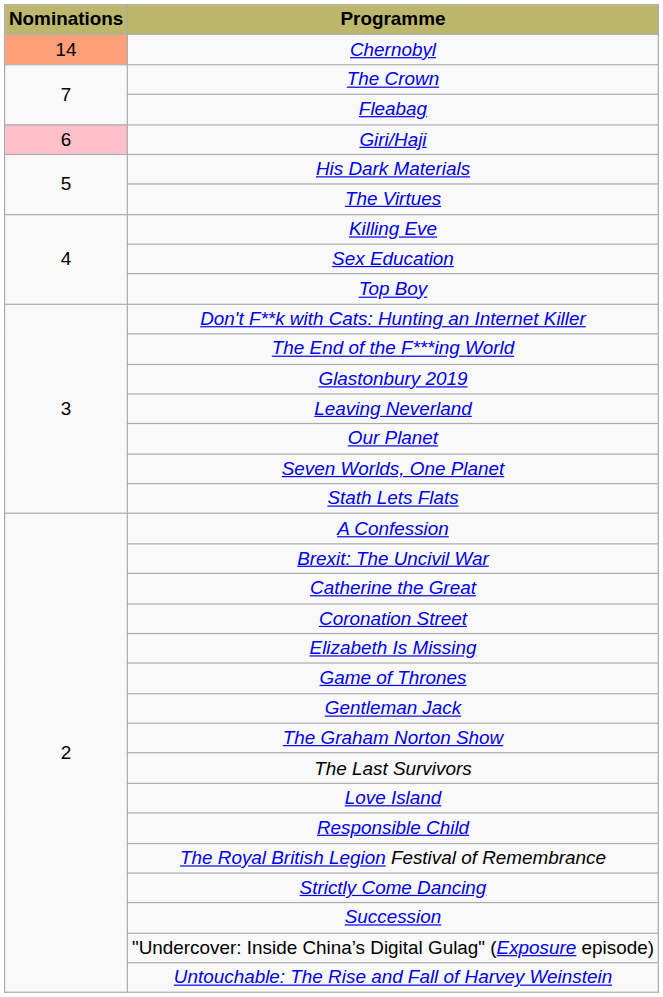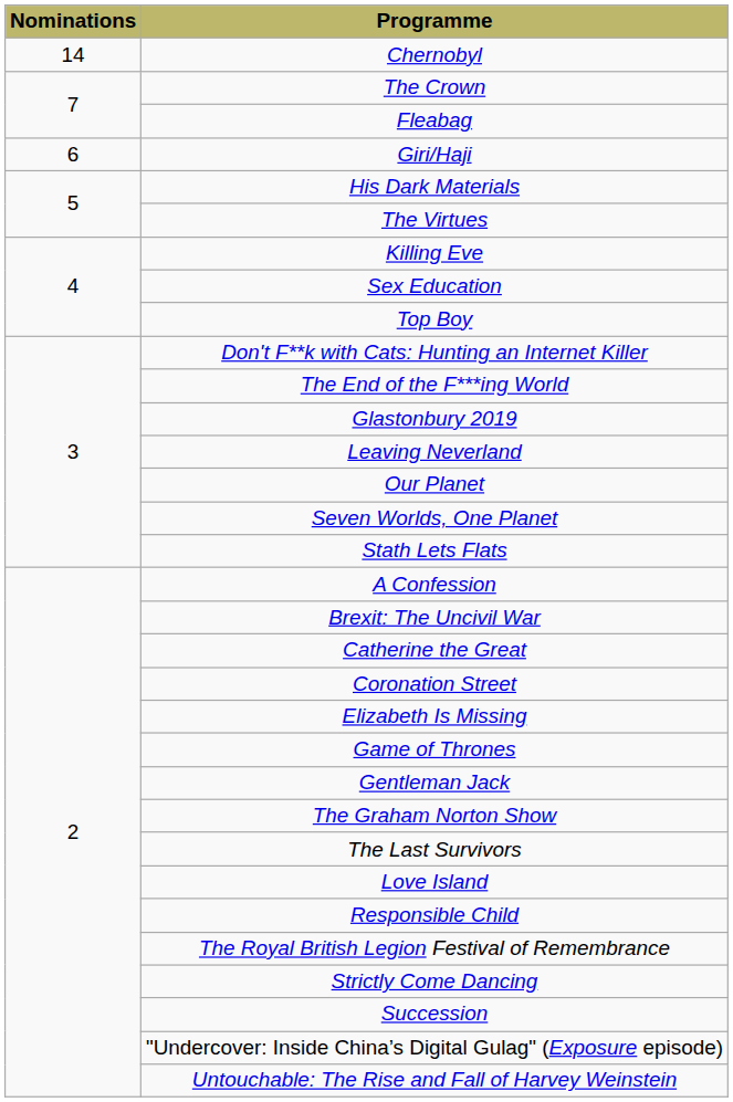 <table class="wikitable" style="text-align:center">
 <tr>
 <th style="background:#BDB76B;">Nominations</th>
 <th style="background:#BDB76B;">Programme</th>
 </tr>
 <tr>
-<td style="background: lightsalmon;">14</td>
+<td>14</td>
 <td><em><a href='#'>Chernobyl</a></em></td>
 </tr>
 <tr>
 <td rowspan="2">7</td>
 <td><em><a href='#'>The Crown</a></em></td>
 </tr>
 <tr>
 <td><em><a href='#'>Fleabag</a></em></td>
 </tr>
 <tr>
-<td style="background: pink;">6</td>
+<td>6</td>
 <td><em><a href='#'>Giri/Haji</a></em></td>
 </tr>
 <tr>
 <td rowspan="2">5</td>
 <td><em><a href='#'>His Dark Materials</a></em></td>
 </tr>
 <tr>
 <td><em><a href='#'>The Virtues</a></em></td>
 </tr>
 <tr>
 <td rowspan="3">4</td>
 <td><em><a href='#'>Killing Eve</a></em></td>
 </tr>
 <tr>
 <td><em><a href='#'>Sex Education</a></em></td>
 </tr>
 <tr>
 <td><em><a href='#'>Top Boy</a></em></td>
 </tr>
 <tr>
 <td rowspan="7">3</td>
 <td><em><a href='#'>Don't F**k with Cats: Hunting an Internet Killer</a></em></td>
 </tr>
 <tr>
 <td><em><a href='#'>The End of the F***ing World</a></em></td>
 </tr>
 <tr>
 <td><em><a href='#'>Glastonbury 2019</a></em></td>
 </tr>
 <tr>
 <td><em><a href='#'>Leaving Neverland</a></em></td>
 </tr>
 <tr>
 <td><em><a href='#'>Our Planet</a></em></td>
 </tr>
 <tr>
 <td><em><a href='#'>Seven Worlds, One Planet</a></em></td>
 </tr>
 <tr>
 <td><em><a href='#'>Stath Lets Flats</a></em></td>
 </tr>
 <tr>
 <td rowspan="16">2</td>
 <td><em><a href='#'>A Confession</a></em></td>
 </tr>
 <tr>
 <td><em><a href='#'>Brexit: The Uncivil War</a></em></td>
 </tr>
 <tr>
 <td><em><a href='#'>Catherine the Great</a></em></td>
 </tr>
 <tr>
 <td><em><a href='#'>Coronation Street</a></em></td>
 </tr>
 <tr>
 <td><em><a href='#'>Elizabeth Is Missing</a></em></td>
 </tr>
 <tr>
 <td><em><a href='#'>Game of Thrones</a></em></td>
 </tr>
 <tr>
 <td><em><a href='#'>Gentleman Jack</a></em></td>
 </tr>
 <tr>
 <td><em><a href='#'>The Graham Norton Show</a></em></td>
 </tr>
 <tr>
 <td><em>The Last Survivors</em></td>
 </tr>
 <tr>
 <td><em><a href='#'>Love Island</a></em></td>
 </tr>
 <tr>
 <td><em><a href='#'>Responsible Child</a></em></td>
 </tr>
 <tr>
 <td><em><a href='#'>The Royal British Legion</a> Festival of Remembrance</em></td>
 </tr>
 <tr>
 <td><em><a href='#'>Strictly Come Dancing</a></em></td>
 </tr>
 <tr>
 <td><em><a href='#'>Succession</a></em></td>
 </tr>
 <tr>
 <td>"Undercover: Inside China’s Digital Gulag" (<em><a href='#'>Exposure</a></em> episode)</td>
 </tr>
 <tr>
 <td><em><a href='#'>Untouchable: The Rise and Fall of Harvey Weinstein</a></em></td>
 </tr>
 </table>
